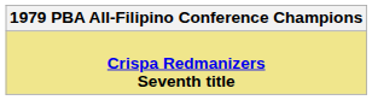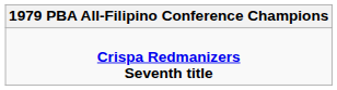 <table class=wikitable style="text-align:center; margin:auto">
 <tr>
 <th>1979 PBA All-Filipino Conference Champions</th>
 </tr>
 <tr>
-<td style="background: khaki;"><br> <strong><a href='#'>Crispa Redmanizers</a></strong> <br> <strong>Seventh title</strong></td>
+<td><br> <strong><a href='#'>Crispa Redmanizers</a></strong> <br> <strong>Seventh title</strong></td>
 </tr>
 </table>
